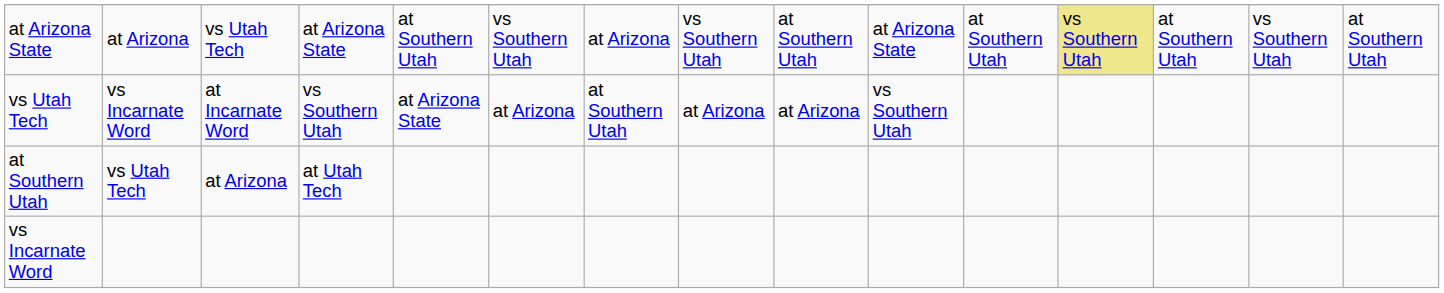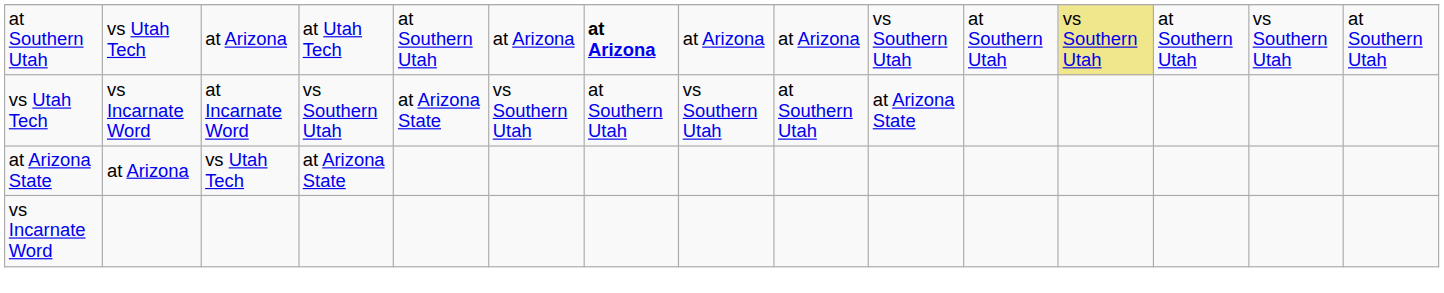 <table class="wikitable">
 <tr>
 </tr>
 <tr>
-<td>at <a href='#'>Arizona State</a></td>
+<td>at <a href='#'>Southern Utah</a></td>
+<td>vs <a href='#'>Utah Tech</a></td>
 <td>at <a href='#'>Arizona</a></td>
-<td>vs <a href='#'>Utah Tech</a></td>
-<td>at <a href='#'>Arizona State</a></td>
+<td>at <a href='#'>Utah Tech</a></td>
 <td>at <a href='#'>Southern Utah</a></td>
-<td>vs <a href='#'>Southern Utah</a></td>
+<td>at <a href='#'>Arizona</a></td>
+<td><strong>at <a href='#'>Arizona</a></strong></td>
+<td>at <a href='#'>Arizona</a></td>
 <td>at <a href='#'>Arizona</a></td>
 <td>vs <a href='#'>Southern Utah</a></td>
-<td>at <a href='#'>Southern Utah</a></td>
-<td>at <a href='#'>Arizona State</a></td>
 <td>at <a href='#'>Southern Utah</a></td>
 <td style="background: khaki;">vs <a href='#'>Southern Utah</a></td>
 <td>at <a href='#'>Southern Utah</a></td>
 <td>vs <a href='#'>Southern Utah</a></td>
 <td>at <a href='#'>Southern Utah</a></td>
 </tr>
 <tr>
 <td>vs <a href='#'>Utah Tech</a></td>
 <td>vs <a href='#'>Incarnate Word</a></td>
 <td>at <a href='#'>Incarnate Word</a></td>
 <td>vs <a href='#'>Southern Utah</a></td>
 <td>at <a href='#'>Arizona State</a></td>
-<td>at <a href='#'>Arizona</a></td>
+<td>vs <a href='#'>Southern Utah</a></td>
 <td>at <a href='#'>Southern Utah</a></td>
-<td>at <a href='#'>Arizona</a></td>
-<td>at <a href='#'>Arizona</a></td>
 <td>vs <a href='#'>Southern Utah</a></td>
+<td>at <a href='#'>Southern Utah</a></td>
+<td>at <a href='#'>Arizona State</a></td>
 <td></td>
 <td></td>
 <td></td>
 <td></td>
 <td></td>
 </tr>
 <tr>
-<td>at <a href='#'>Southern Utah</a></td>
+<td>at <a href='#'>Arizona State</a></td>
+<td>at <a href='#'>Arizona</a></td>
 <td>vs <a href='#'>Utah Tech</a></td>
-<td>at <a href='#'>Arizona</a></td>
-<td>at <a href='#'>Utah Tech</a></td>
+<td>at <a href='#'>Arizona State</a></td>
 <td></td>
 <td></td>
 <td></td>
 <td></td>
 <td></td>
 <td></td>
 <td></td>
 <td></td>
 <td></td>
 <td></td>
 <td></td>
 </tr>
 <tr>
 <td>vs <a href='#'>Incarnate Word</a></td>
 <td></td>
 <td></td>
 <td></td>
 <td></td>
 <td></td>
 <td></td>
 <td></td>
 <td></td>
 <td></td>
 <td></td>
 <td></td>
 <td></td>
 <td></td>
 <td></td>
 </tr>
 </table>
